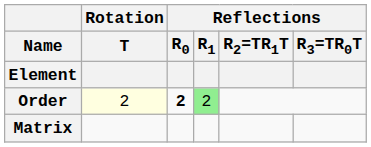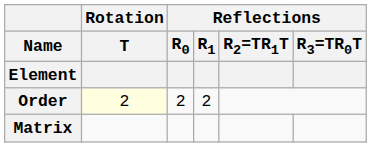 <table class=wikitable>
 <tr>
 <th></th>
 <th>Rotation</th>
 <th colspan=4>Reflections</th>
 </tr>
 <tr>
 <th>Name</th>
 <th>T</th>
 <th>R<sub>0</sub></th>
 <th>R<sub>1</sub></th>
 <th>R<sub>2</sub>=TR<sub>1</sub>T</th>
 <th>R<sub>3</sub>=TR<sub>0</sub>T</th>
 </tr>
 <tr>
 <th>Element</th>
 <th></th>
 <th></th>
 <th></th>
 <th></th>
 <th></th>
 </tr>
 <tr align=center>
 <th>Order</th>
 <td style="background: lightyellow;">2</td>
-<td><strong>2</strong></td>
-<td style="background: lightgreen;">2</td>
+<td>2</td>
+<td>2</td>
 </tr>
 <tr>
 <th>Matrix</th>
 <td><br></td>
 <td><br></td>
 <td><br></td>
 <td><br></td>
 <td><br></td>
 </tr>
 </table>
